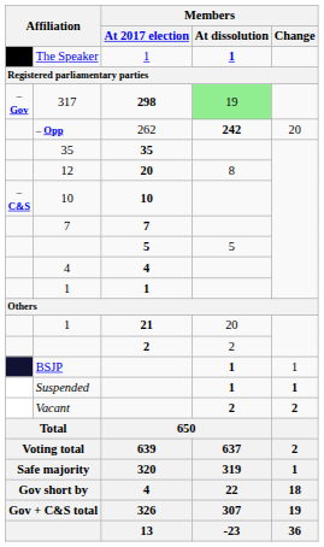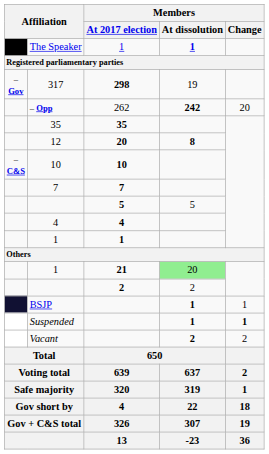 <table class="wikitable sortable" border="1" style="font-size:95%; text-align:center;">
 <tr>
 <th colspan="2" rowspan="2" class=unsortable style="vertical-align:middle; text-align:center;">Affiliation</th>
 <th colspan="3" style="vertical-align:top;">Members</th>
 </tr>
 <tr>
 <th data-sort-type=number><a href='#'>At 2017 election</a></th>
 <th data-sort-type=number>At dissolution</th>
 <th>Change</th>
 </tr>
 <tr>
 <td style="width:4px; background-color:black;"> </td>
 <td align="left"><a href='#'>The Speaker</a></td>
 <td><a href='#'>1</a></td>
 <td><strong><a href='#'>1</a></strong></td>
 <td></td>
 </tr>
 <tr>
 <th colspan="5" style="font-size:80%; text-align:left">Registered parliamentary parties</th>
 </tr>
 <tr>
 <td> <small>– <strong><a href='#'>Gov</a></strong></small></td>
 <td>317</td>
 <td><strong>298</strong></td>
-<td style="background: lightgreen;"> 19</td>
+<td> 19</td>
 </tr>
 <tr>
 <td style="width: 4px; background-color:"></td>
 <td style="text-align: left;" scope="row"><a href='#'></a> <small>– <strong><a href='#'>Opp</a></strong></small></td>
 <td>262</td>
 <td><strong>242</strong></td>
 <td> 20</td>
 </tr>
 <tr>
 <td></td>
 <td>35</td>
 <td><strong>35</strong></td>
 <td></td>
 </tr>
 <tr>
 <td></td>
 <td>12</td>
 <td><strong>20</strong></td>
-<td> 8</td>
+<td><strong> 8</strong></td>
 </tr>
 <tr>
 <td> <small>– <strong><a href='#'>C&S</a></strong></small></td>
 <td>10</td>
 <td><strong>10</strong></td>
 <td></td>
 </tr>
 <tr>
 <td></td>
 <td>7</td>
 <td><strong>7</strong></td>
 <td></td>
 </tr>
 <tr>
 <td></td>
 <td></td>
 <td><strong>5</strong></td>
 <td> 5</td>
 </tr>
 <tr>
 <td></td>
 <td>4</td>
 <td><strong>4</strong></td>
 <td></td>
 </tr>
 <tr>
 <td></td>
 <td>1</td>
 <td><strong>1</strong></td>
 <td></td>
 </tr>
 <tr>
 <th colspan="5" style="font-size: 80%;text-align:left">Others</th>
 </tr>
 <tr>
 <td></td>
 <td>1</td>
 <td><strong>21</strong></td>
-<td> 20</td>
+<td style="background: lightgreen;"> 20</td>
 </tr>
 <tr>
 <td></td>
 <td></td>
 <td><strong>2</strong></td>
 <td> 2</td>
 </tr>
 <tr>
 <td style="background-color:#111133"> </td>
 <td align="left"><a href='#'>BSJP</a></td>
 <td></td>
 <td><strong>1</strong></td>
 <td> 1</td>
 </tr>
 <tr>
 <td style="background-color:white"> </td>
 <td align="left"><em>Suspended</em></td>
 <td></td>
 <td><strong>1</strong></td>
 <td><strong> 1</strong></td>
 </tr>
 <tr>
 <td style="background-color:white"> </td>
 <td align="left"><em>Vacant</em></td>
 <td></td>
 <td><strong>2</strong></td>
-<td><strong> 2</strong></td>
+<td> 2</td>
 </tr>
 <tr>
 <th colspan="2">Total</th>
 <th colspan="2"><strong>650</strong></th>
 <th></th>
 </tr>
 <tr>
 <th colspan="2">Voting total</th>
 <th>639</th>
 <th><strong>637</strong></th>
 <th> 2</th>
 </tr>
 <tr>
 <th colspan="2">Safe majority</th>
 <th>320 </th>
 <th><strong>319</strong> </th>
 <th> 1</th>
 </tr>
 <tr>
 <th colspan="2">Gov short by</th>
 <th>4 </th>
 <th><strong>22</strong> </th>
 <th> 18</th>
 </tr>
 <tr>
 <th colspan="2">Gov + C&S total</th>
 <th>326 </th>
 <th><strong>307</strong> </th>
 <th> 19</th>
 </tr>
 <tr>
 <th colspan="2" rowspan="1"></th>
 <th>13 </th>
 <th><strong>-23</strong> </th>
 <th> 36</th>
 </tr>
 </table>
